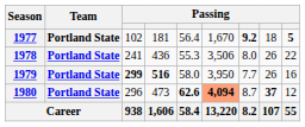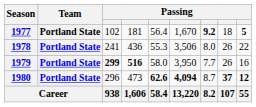 <table class="wikitable" style="text-align:center;">
 <tr>
 <th rowspan="2">Season</th>
 <th rowspan="2">Team</th>
 <th colspan="7">Passing</th>
 </tr>
 <tr>
 <th></th>
 <th></th>
 <th></th>
 <th></th>
 <th></th>
 <th></th>
 <th></th>
 </tr>
 <tr>
 <th><a href='#'>1977</a></th>
 <th>Portland State</th>
 <td>102</td>
 <td>181</td>
 <td>56.4</td>
 <td>1,670</td>
 <td><strong>9.2</strong></td>
 <td>18</td>
 <td><strong>5</strong></td>
 </tr>
 <tr>
 <th><a href='#'>1978</a></th>
 <th><a href='#'>Portland State</a></th>
 <td>241</td>
 <td>436</td>
 <td>55.3</td>
 <td>3,506</td>
 <td>8.0</td>
 <td>26</td>
 <td>22</td>
 </tr>
 <tr>
 <th><a href='#'>1979</a></th>
 <th><a href='#'>Portland State</a></th>
 <td><strong>299</strong></td>
 <td><strong>516</strong></td>
 <td>58.0</td>
 <td>3,950</td>
 <td>7.7</td>
 <td>26</td>
 <td>16</td>
 </tr>
 <tr>
 <th><a href='#'>1980</a></th>
 <th><a href='#'>Portland State</a></th>
 <td>296</td>
 <td>473</td>
 <td><strong>62.6</strong></td>
-<td style="background: lightsalmon;"><strong>4,094</strong></td>
+<td><strong>4,094</strong></td>
 <td>8.7</td>
 <td><strong>37</strong></td>
-<td>12</td>
+<td><strong>12</strong></td>
 </tr>
 <tr>
 <th colspan="2">Career</th>
 <th>938</th>
 <th>1,606</th>
 <th>58.4</th>
 <th>13,220</th>
 <th>8.2</th>
 <th>107</th>
 <th>55</th>
 </tr>
 </table>
